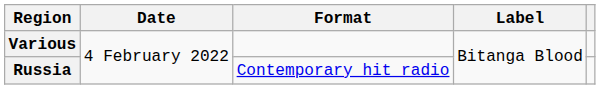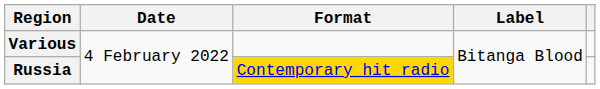 <table class="wikitable plainrowheaders">
 <tr>
 <th scope="col">Region</th>
 <th scope="col">Date</th>
 <th scope="col">Format</th>
 <th scope="col">Label</th>
 <th scope="col"></th>
 </tr>
 <tr>
 <th scope="row">Various</th>
 <td rowspan="2">4 February 2022</td>
 <td></td>
 <td rowspan="2">Bitanga Blood</td>
 <td align="center"></td>
 </tr>
 <tr>
 <th scope="row">Russia</th>
-<td><a href='#'>Contemporary hit radio</a></td>
+<td style="background: gold;"><a href='#'>Contemporary hit radio</a></td>
 <td align="center"></td>
 </tr>
 </table>
